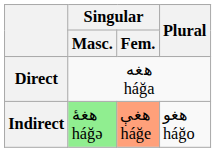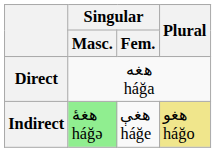 <table class="wikitable">
 <tr>
 <th rowspan="2"></th>
 <th colspan="2">Singular</th>
 <th rowspan="2">Plural</th>
 </tr>
 <tr>
 <th>Masc.</th>
 <th>Fem.</th>
 </tr>
 <tr>
 <th>Direct</th>
 <td colspan="3" align="center">هغه<br>háğa</td>
 </tr>
 <tr>
 <th>Indirect</th>
 <td style="background: lightgreen;">هغۀ<br>háğә</td>
-<td style="background: lightsalmon;">هغې<br>háğe</td>
-<td>هغو<br>háğo</td>
+<td>هغې<br>háğe</td>
+<td style="background: khaki;">هغو<br>háğo</td>
 </tr>
 </table>
